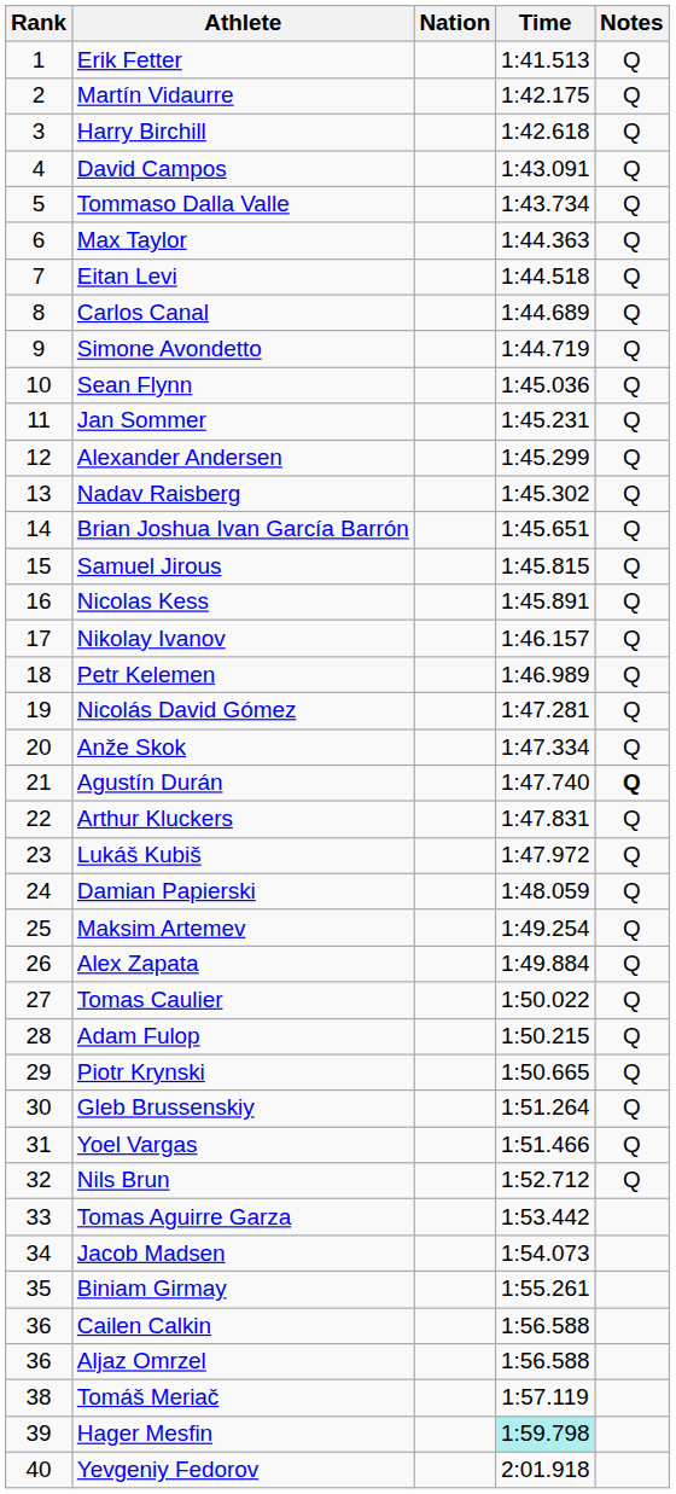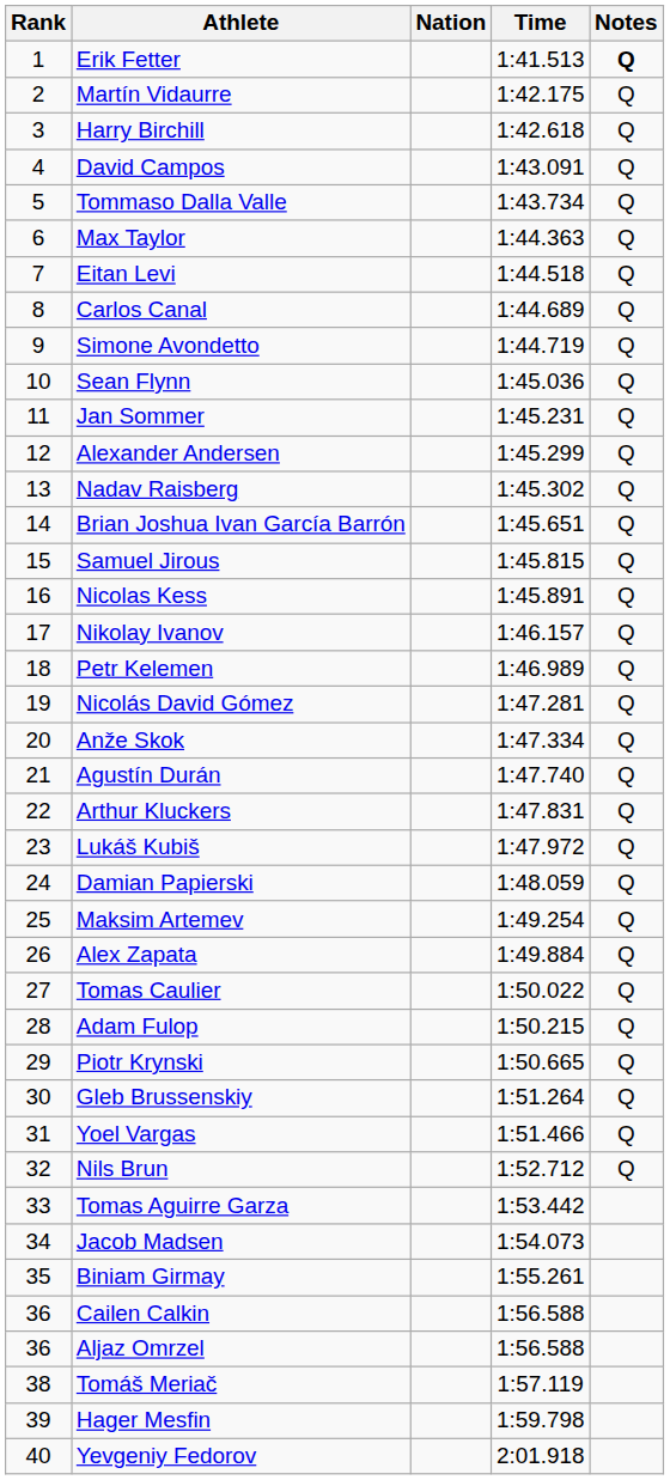 <table class="wikitable sortable" style="text-align:center">
 <tr>
 <th>Rank</th>
 <th>Athlete</th>
 <th>Nation</th>
 <th>Time</th>
 <th>Notes</th>
 </tr>
 <tr>
 <td>1</td>
 <td align=left><a href='#'>Erik Fetter</a></td>
 <td align=left></td>
 <td>1:41.513</td>
-<td>Q</td>
+<td><strong>Q</strong></td>
 </tr>
 <tr>
 <td>2</td>
 <td align=left><a href='#'>Martín Vidaurre</a></td>
 <td align=left></td>
 <td>1:42.175</td>
 <td>Q</td>
 </tr>
 <tr>
 <td>3</td>
 <td align=left><a href='#'>Harry Birchill</a></td>
 <td align=left></td>
 <td>1:42.618</td>
 <td>Q</td>
 </tr>
 <tr>
 <td>4</td>
 <td align=left><a href='#'>David Campos</a></td>
 <td align=left></td>
 <td>1:43.091</td>
 <td>Q</td>
 </tr>
 <tr>
 <td>5</td>
 <td align=left><a href='#'>Tommaso Dalla Valle</a></td>
 <td align=left></td>
 <td>1:43.734</td>
 <td>Q</td>
 </tr>
 <tr>
 <td>6</td>
 <td align=left><a href='#'>Max Taylor</a></td>
 <td align=left></td>
 <td>1:44.363</td>
 <td>Q</td>
 </tr>
 <tr>
 <td>7</td>
 <td align=left><a href='#'>Eitan Levi</a></td>
 <td align=left></td>
 <td>1:44.518</td>
 <td>Q</td>
 </tr>
 <tr>
 <td>8</td>
 <td align=left><a href='#'>Carlos Canal</a></td>
 <td align=left></td>
 <td>1:44.689</td>
 <td>Q</td>
 </tr>
 <tr>
 <td>9</td>
 <td align=left><a href='#'>Simone Avondetto</a></td>
 <td align=left></td>
 <td>1:44.719</td>
 <td>Q</td>
 </tr>
 <tr>
 <td>10</td>
 <td align=left><a href='#'>Sean Flynn</a></td>
 <td align=left></td>
 <td>1:45.036</td>
 <td>Q</td>
 </tr>
 <tr>
 <td>11</td>
 <td align=left><a href='#'>Jan Sommer</a></td>
 <td align=left></td>
 <td>1:45.231</td>
 <td>Q</td>
 </tr>
 <tr>
 <td>12</td>
 <td align=left><a href='#'>Alexander Andersen</a></td>
 <td align=left></td>
 <td>1:45.299</td>
 <td>Q</td>
 </tr>
 <tr>
 <td>13</td>
 <td align=left><a href='#'>Nadav Raisberg</a></td>
 <td align=left></td>
 <td>1:45.302</td>
 <td>Q</td>
 </tr>
 <tr>
 <td>14</td>
 <td align=left><a href='#'>Brian Joshua Ivan García Barrón</a></td>
 <td align=left></td>
 <td>1:45.651</td>
 <td>Q</td>
 </tr>
 <tr>
 <td>15</td>
 <td align=left><a href='#'>Samuel Jirous</a></td>
 <td align=left></td>
 <td>1:45.815</td>
 <td>Q</td>
 </tr>
 <tr>
 <td>16</td>
 <td align=left><a href='#'>Nicolas Kess</a></td>
 <td align=left></td>
 <td>1:45.891</td>
 <td>Q</td>
 </tr>
 <tr>
 <td>17</td>
 <td align=left><a href='#'>Nikolay Ivanov</a></td>
 <td align=left></td>
 <td>1:46.157</td>
 <td>Q</td>
 </tr>
 <tr>
 <td>18</td>
 <td align=left><a href='#'>Petr Kelemen</a></td>
 <td align=left></td>
 <td>1:46.989</td>
 <td>Q</td>
 </tr>
 <tr>
 <td>19</td>
 <td align=left><a href='#'>Nicolás David Gómez</a></td>
 <td align=left></td>
 <td>1:47.281</td>
 <td>Q</td>
 </tr>
 <tr>
 <td>20</td>
 <td align=left><a href='#'>Anže Skok</a></td>
 <td align=left></td>
 <td>1:47.334</td>
 <td>Q</td>
 </tr>
 <tr>
 <td>21</td>
 <td align=left><a href='#'>Agustín Durán</a></td>
 <td align=left></td>
 <td>1:47.740</td>
-<td><strong>Q</strong></td>
+<td>Q</td>
 </tr>
 <tr>
 <td>22</td>
 <td align=left><a href='#'>Arthur Kluckers</a></td>
 <td align=left></td>
 <td>1:47.831</td>
 <td>Q</td>
 </tr>
 <tr>
 <td>23</td>
 <td align=left><a href='#'>Lukáš Kubiš</a></td>
 <td align=left></td>
 <td>1:47.972</td>
 <td>Q</td>
 </tr>
 <tr>
 <td>24</td>
 <td align=left><a href='#'>Damian Papierski</a></td>
 <td align=left></td>
 <td>1:48.059</td>
 <td>Q</td>
 </tr>
 <tr>
 <td>25</td>
 <td align=left><a href='#'>Maksim Artemev</a></td>
 <td align=left></td>
 <td>1:49.254</td>
 <td>Q</td>
 </tr>
 <tr>
 <td>26</td>
 <td align=left><a href='#'>Alex Zapata</a></td>
 <td align=left></td>
 <td>1:49.884</td>
 <td>Q</td>
 </tr>
 <tr>
 <td>27</td>
 <td align=left><a href='#'>Tomas Caulier</a></td>
 <td align=left></td>
 <td>1:50.022</td>
 <td>Q</td>
 </tr>
 <tr>
 <td>28</td>
 <td align=left><a href='#'>Adam Fulop</a></td>
 <td align=left></td>
 <td>1:50.215</td>
 <td>Q</td>
 </tr>
 <tr>
 <td>29</td>
 <td align=left><a href='#'>Piotr Krynski</a></td>
 <td align=left></td>
 <td>1:50.665</td>
 <td>Q</td>
 </tr>
 <tr>
 <td>30</td>
 <td align=left><a href='#'>Gleb Brussenskiy</a></td>
 <td align=left></td>
 <td>1:51.264</td>
 <td>Q</td>
 </tr>
 <tr>
 <td>31</td>
 <td align=left><a href='#'>Yoel Vargas</a></td>
 <td align=left></td>
 <td>1:51.466</td>
 <td>Q</td>
 </tr>
 <tr>
 <td>32</td>
 <td align=left><a href='#'>Nils Brun</a></td>
 <td align=left></td>
 <td>1:52.712</td>
 <td>Q</td>
 </tr>
 <tr>
 <td>33</td>
 <td align=left><a href='#'>Tomas Aguirre Garza</a></td>
 <td align=left></td>
 <td>1:53.442</td>
 <td></td>
 </tr>
 <tr>
 <td>34</td>
 <td align=left><a href='#'>Jacob Madsen</a></td>
 <td align=left></td>
 <td>1:54.073</td>
 <td></td>
 </tr>
 <tr>
 <td>35</td>
 <td align=left><a href='#'>Biniam Girmay</a></td>
 <td align=left></td>
 <td>1:55.261</td>
 <td></td>
 </tr>
 <tr>
 <td>36</td>
 <td align=left><a href='#'>Cailen Calkin</a></td>
 <td align=left></td>
 <td>1:56.588</td>
 <td></td>
 </tr>
 <tr>
 <td>36</td>
 <td align=left><a href='#'>Aljaz Omrzel</a></td>
 <td align=left></td>
 <td>1:56.588</td>
 <td></td>
 </tr>
 <tr>
 <td>38</td>
 <td align=left><a href='#'>Tomáš Meriač</a></td>
 <td align=left></td>
 <td>1:57.119</td>
 <td></td>
 </tr>
 <tr>
 <td>39</td>
 <td align=left><a href='#'>Hager Mesfin</a></td>
 <td align=left></td>
-<td style="background: paleturquoise;">1:59.798</td>
+<td>1:59.798</td>
 <td></td>
 </tr>
 <tr>
 <td>40</td>
 <td align=left><a href='#'>Yevgeniy Fedorov</a></td>
 <td align=left></td>
 <td>2:01.918</td>
 <td></td>
 </tr>
 </table>
